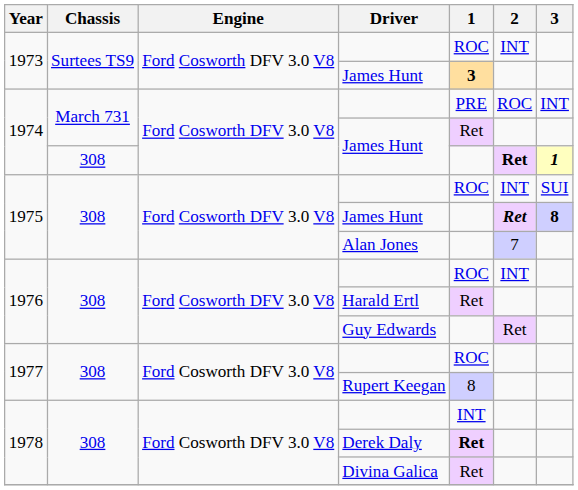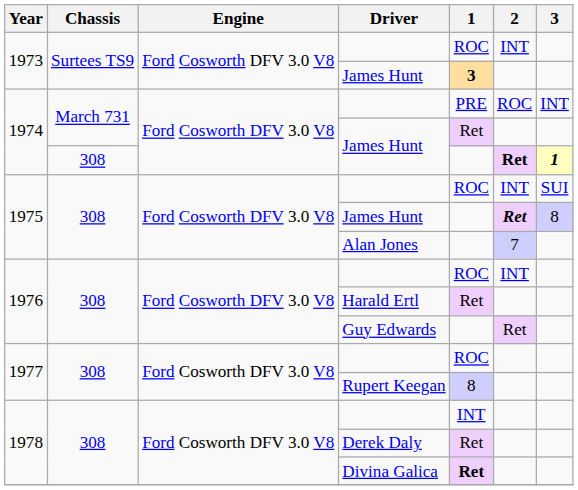 <table class="wikitable" style="text-align:center; font-size:85%">
 <tr>
 <th>Year</th>
 <th>Chassis</th>
 <th>Engine</th>
 <th>Driver</th>
 <th>1</th>
 <th>2</th>
 <th>3</th>
 </tr>
 <tr>
 <td rowspan="2">1973</td>
 <td rowspan="2"><a href='#'>Surtees TS9</a></td>
 <td rowspan="2"><a href='#'>Ford</a> <a href='#'>Cosworth</a> DFV 3.0 <a href='#'>V8</a></td>
 <td></td>
 <td><a href='#'>ROC</a></td>
 <td><a href='#'>INT</a></td>
 <td></td>
 </tr>
 <tr>
 <td align=left> <a href='#'>James Hunt</a></td>
 <td style="background:#FFDF9F;"><strong>3</strong></td>
 <td></td>
 <td></td>
 </tr>
 <tr>
 <td rowspan="3">1974</td>
 <td rowspan="2"><a href='#'>March 731</a></td>
 <td rowspan="3"><a href='#'>Ford</a> <a href='#'>Cosworth DFV</a> 3.0 <a href='#'>V8</a></td>
 <td></td>
 <td><a href='#'>PRE</a></td>
 <td><a href='#'>ROC</a></td>
 <td><a href='#'>INT</a></td>
 </tr>
 <tr>
 <td rowspan="2" align=left> <a href='#'>James Hunt</a></td>
 <td style="background:#EFCFFF;">Ret</td>
 <td></td>
 <td></td>
 </tr>
 <tr>
 <td><a href='#'>308</a></td>
 <td></td>
 <td style="background:#EFCFFF;"><strong>Ret</strong></td>
 <td style="background:#FFFFBF;"><strong><em>1</em></strong></td>
 </tr>
 <tr>
 <td rowspan="3">1975</td>
 <td rowspan="3"><a href='#'>308</a></td>
 <td rowspan="3"><a href='#'>Ford</a> <a href='#'>Cosworth DFV</a> 3.0 <a href='#'>V8</a></td>
 <td></td>
 <td><a href='#'>ROC</a></td>
 <td><a href='#'>INT</a></td>
 <td><a href='#'>SUI</a></td>
 </tr>
 <tr>
 <td align=left> <a href='#'>James Hunt</a></td>
 <td></td>
 <td style="background:#EFCFFF;"><strong><em>Ret</em></strong></td>
-<td style="background:#CFCFFF;"><strong>8</strong></td>
+<td style="background:#CFCFFF;">8</td>
 </tr>
 <tr>
 <td align=left> <a href='#'>Alan Jones</a></td>
 <td></td>
 <td style="background:#CFCFFF;">7</td>
 <td></td>
 </tr>
 <tr>
 <td rowspan="3">1976</td>
 <td rowspan="3"><a href='#'>308</a></td>
 <td rowspan="3"><a href='#'>Ford</a> <a href='#'>Cosworth DFV</a> 3.0 <a href='#'>V8</a></td>
 <td></td>
 <td><a href='#'>ROC</a></td>
 <td><a href='#'>INT</a></td>
 <td></td>
 </tr>
 <tr>
 <td align="left"> <a href='#'>Harald Ertl</a></td>
 <td style="background:#EFCFFF;">Ret</td>
 <td></td>
 <td></td>
 </tr>
 <tr>
 <td align="left"> <a href='#'>Guy Edwards</a></td>
 <td></td>
 <td style="background:#EFCFFF;">Ret</td>
 <td></td>
 </tr>
 <tr>
 <td rowspan="2">1977</td>
 <td rowspan="2"><a href='#'>308</a></td>
 <td rowspan="2"><a href='#'>Ford</a> Cosworth DFV 3.0 <a href='#'>V8</a></td>
 <td></td>
 <td><a href='#'>ROC</a></td>
 <td></td>
 <td></td>
 </tr>
 <tr>
 <td align=left> <a href='#'>Rupert Keegan</a></td>
 <td style="background:#CFCFFF;">8</td>
 <td></td>
 <td></td>
 </tr>
 <tr>
 <td rowspan="3">1978</td>
 <td rowspan="3"><a href='#'>308</a></td>
 <td rowspan="3"><a href='#'>Ford</a> Cosworth DFV 3.0 <a href='#'>V8</a></td>
 <td></td>
 <td><a href='#'>INT</a></td>
 <td></td>
 <td></td>
 </tr>
 <tr>
 <td align="left"> <a href='#'>Derek Daly</a></td>
-<td style="background:#EFCFFF;"><strong>Ret</strong></td>
+<td style="background:#EFCFFF;">Ret</td>
 <td></td>
 <td></td>
 </tr>
 <tr>
 <td align="left"> <a href='#'>Divina Galica</a></td>
-<td style="background:#EFCFFF;">Ret</td>
+<td style="background:#EFCFFF;"><strong>Ret</strong></td>
 <td></td>
 <td></td>
 </tr>
 <tr>
 </tr>
 </table>
